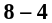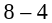 <table style="text-align:center">
 <tr>
 <th width=200></th>
 <th width=100></th>
 <th width=200></th>
 </tr>
 <tr>
 <td align=right></td>
-<td><strong>8 – 4</strong></td>
+<td>8 – 4</td>
 <td align=left><strong></strong></td>
 </tr>
 </table>
